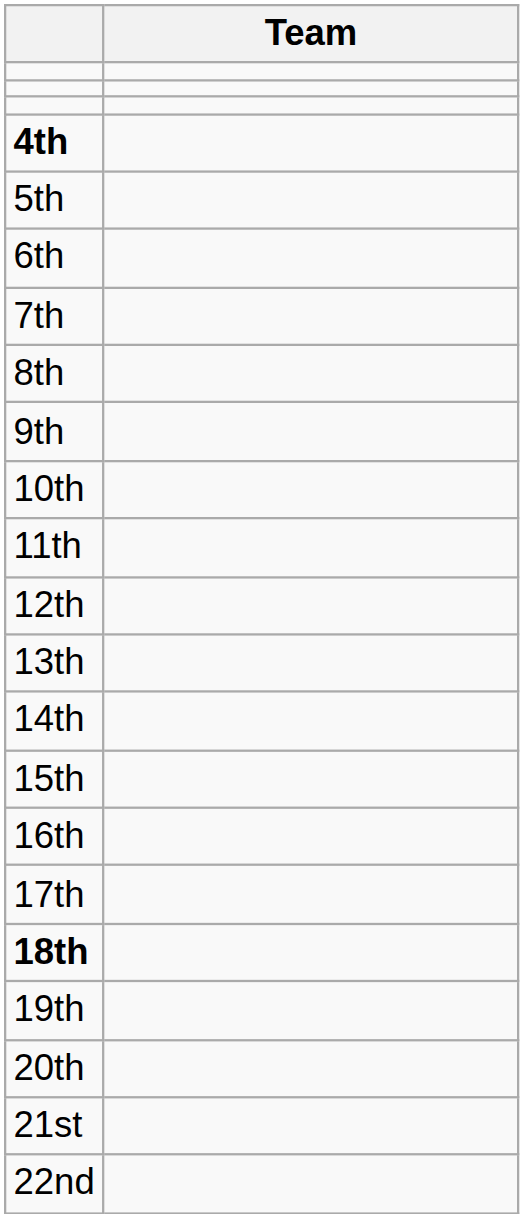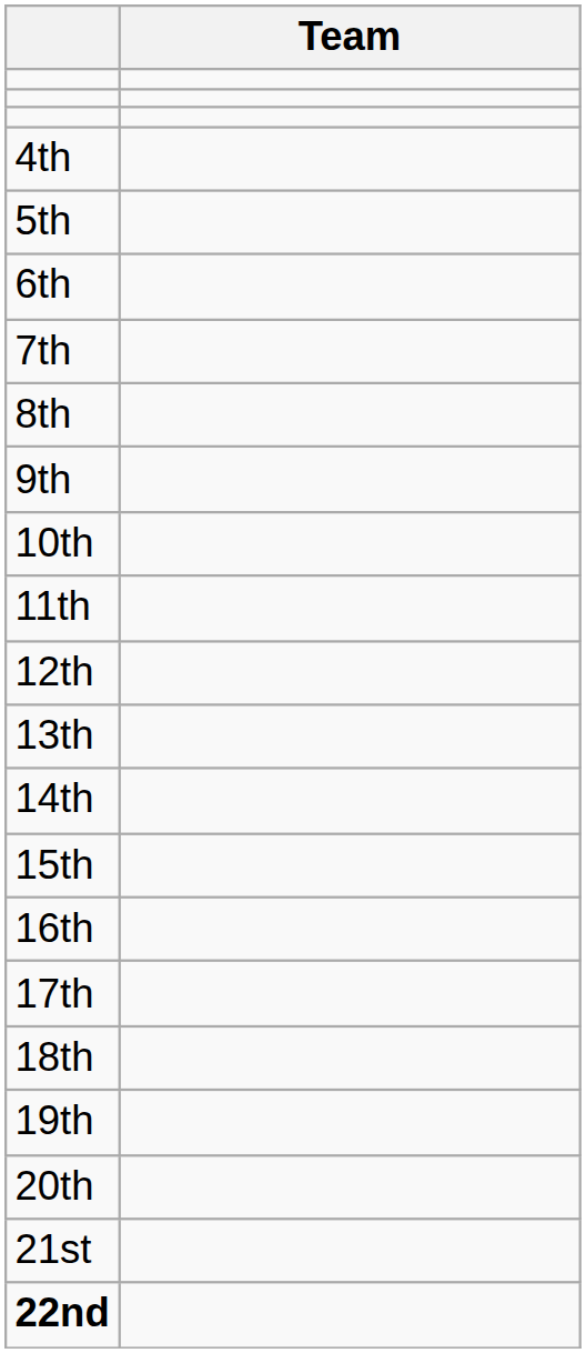 <table class="wikitable">
 <tr>
 <th width=20></th>
 <th width=175>Team</th>
 </tr>
 <tr>
 <td></td>
 <td></td>
 </tr>
 <tr>
 <td></td>
 <td></td>
 </tr>
 <tr>
 <td></td>
 <td></td>
 </tr>
 <tr>
-<td><strong>4th</strong></td>
+<td>4th</td>
 <td></td>
 </tr>
 <tr>
 <td>5th</td>
 <td></td>
 </tr>
 <tr>
 <td>6th</td>
 <td></td>
 </tr>
 <tr>
 <td>7th</td>
 <td></td>
 </tr>
 <tr>
 <td>8th</td>
 <td></td>
 </tr>
 <tr>
 <td>9th</td>
 <td></td>
 </tr>
 <tr>
 <td>10th</td>
 <td></td>
 </tr>
 <tr>
 <td>11th</td>
 <td></td>
 </tr>
 <tr>
 <td>12th</td>
 <td></td>
 </tr>
 <tr>
 <td>13th</td>
 <td></td>
 </tr>
 <tr>
 <td>14th</td>
 <td></td>
 </tr>
 <tr>
 <td>15th</td>
 <td></td>
 </tr>
 <tr>
 <td>16th</td>
 <td></td>
 </tr>
 <tr>
 <td>17th</td>
 <td></td>
 </tr>
 <tr>
-<td><strong>18th</strong></td>
+<td>18th</td>
 <td></td>
 </tr>
 <tr>
 <td>19th</td>
 <td></td>
 </tr>
 <tr>
 <td>20th</td>
 <td></td>
 </tr>
 <tr>
 <td>21st</td>
 <td></td>
 </tr>
 <tr>
-<td>22nd</td>
+<td><strong>22nd</strong></td>
 <td></td>
 </tr>
 </table>
